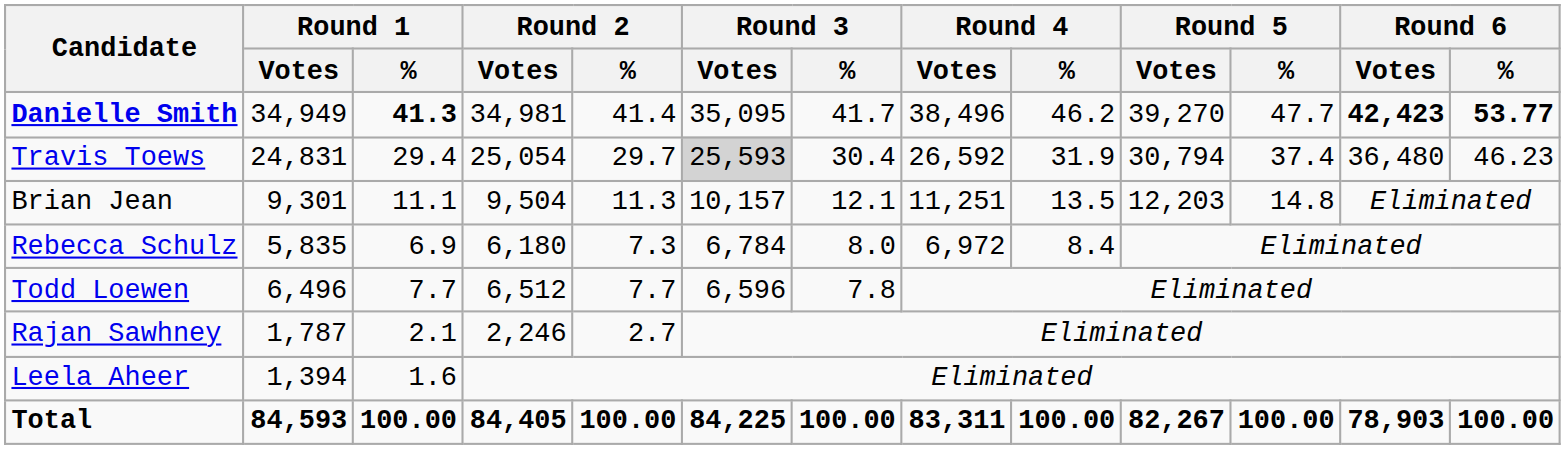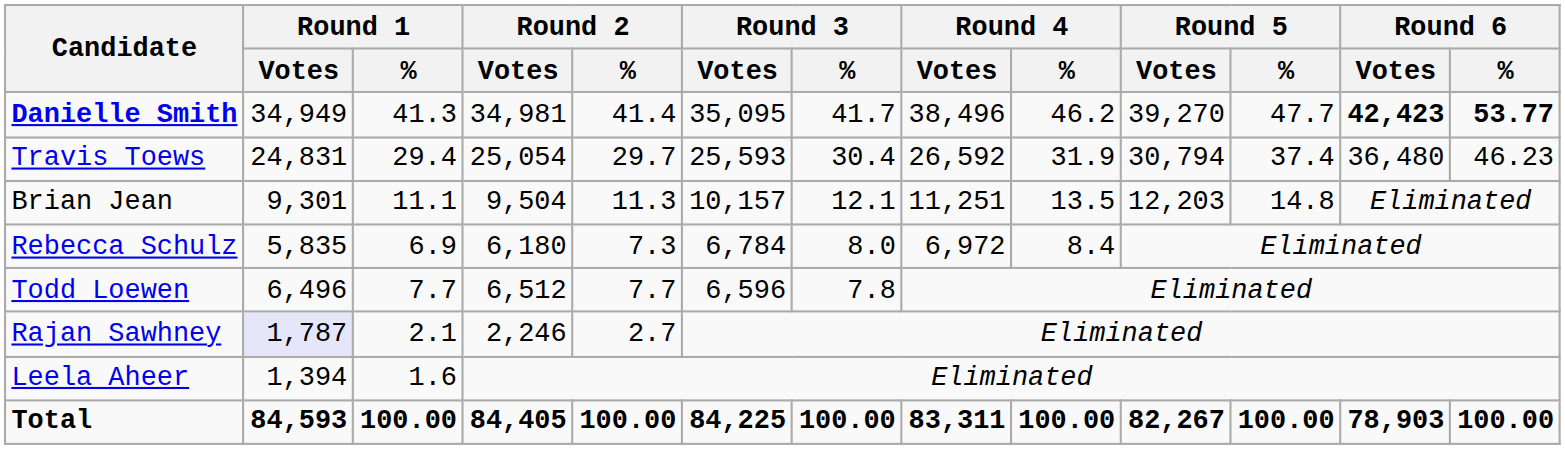 <table class="wikitable">
 <tr>
 <th rowspan=2>Candidate</th>
 <th colspan=2>Round 1</th>
 <th colspan=2>Round 2</th>
 <th colspan=2>Round 3</th>
 <th colspan=2>Round 4</th>
 <th colspan=2>Round 5</th>
 <th colspan=2>Round 6</th>
 </tr>
 <tr>
 <th>Votes</th>
 <th>%</th>
 <th>Votes</th>
 <th>%</th>
 <th>Votes</th>
 <th>%</th>
 <th>Votes</th>
 <th>%</th>
 <th>Votes</th>
 <th>%</th>
 <th>Votes</th>
 <th>%</th>
 </tr>
 <tr>
 <td><strong><a href='#'>Danielle Smith</a></strong></td>
 <td style="text-align:right">34,949</td>
-<td style="text-align:right"><strong>41.3</strong></td>
+<td style="text-align:right">41.3</td>
 <td style="text-align:right">34,981</td>
 <td style="text-align:right">41.4</td>
 <td style="text-align:right">35,095</td>
 <td style="text-align:right">41.7</td>
 <td style="text-align:right">38,496</td>
 <td style="text-align:right">46.2</td>
 <td style="text-align:right">39,270</td>
 <td style="text-align:right">47.7</td>
 <td style="text-align:right"><strong>42,423</strong></td>
 <td style="text-align:right"><strong>53.77</strong></td>
 </tr>
 <tr>
 <td><a href='#'>Travis Toews</a></td>
 <td style="text-align:right">24,831</td>
 <td style="text-align:right">29.4</td>
 <td style="text-align:right">25,054</td>
 <td style="text-align:right">29.7</td>
-<td style="background: lightgrey; text-align:right">25,593</td>
+<td style="text-align:right">25,593</td>
 <td style="text-align:right">30.4</td>
 <td style="text-align:right">26,592</td>
 <td style="text-align:right">31.9</td>
 <td style="text-align:right">30,794</td>
 <td style="text-align:right">37.4</td>
 <td style="text-align:right">36,480</td>
 <td style="text-align:right">46.23</td>
 </tr>
 <tr>
 <td>Brian Jean</td>
 <td style="text-align:right">9,301</td>
 <td style="text-align:right">11.1</td>
 <td style="text-align:right">9,504</td>
 <td style="text-align:right">11.3</td>
 <td style="text-align:right">10,157</td>
 <td style="text-align:right">12.1</td>
 <td style="text-align:right">11,251</td>
 <td style="text-align:right">13.5</td>
 <td style="text-align:right">12,203</td>
 <td style="text-align:right">14.8</td>
 <td colspan="2" style="text-align:center"><em>Eliminated</em></td>
 </tr>
 <tr>
 <td><a href='#'>Rebecca Schulz</a></td>
 <td style="text-align:right">5,835</td>
 <td style="text-align:right">6.9</td>
 <td style="text-align:right">6,180</td>
 <td style="text-align:right">7.3</td>
 <td style="text-align:right">6,784</td>
 <td style="text-align:right">8.0</td>
 <td style="text-align:right">6,972</td>
 <td style="text-align:right">8.4</td>
 <td colspan="4" style="text-align:center"><em>Eliminated</em></td>
 </tr>
 <tr>
 <td><a href='#'>Todd Loewen</a></td>
 <td style="text-align:right">6,496</td>
 <td style="text-align:right">7.7</td>
 <td style="text-align:right">6,512</td>
 <td style="text-align:right">7.7</td>
 <td style="text-align:right">6,596</td>
 <td style="text-align:right">7.8</td>
 <td colspan="6" style="text-align:center"><em>Eliminated</em></td>
 </tr>
 <tr>
 <td><a href='#'>Rajan Sawhney</a></td>
-<td style="text-align:right">1,787</td>
+<td style="background: lavender; text-align:right">1,787</td>
 <td style="text-align:right">2.1</td>
 <td style="text-align:right">2,246</td>
 <td style="text-align:right">2.7</td>
 <td colspan="8" style="text-align:center"><em>Eliminated</em></td>
 </tr>
 <tr>
 <td><a href='#'>Leela Aheer</a></td>
 <td style="text-align:right">1,394</td>
 <td style="text-align:right">1.6</td>
 <td colspan="10" style="text-align:center"><em>Eliminated</em></td>
 </tr>
 <tr>
 <td><strong>Total</strong></td>
 <td style="text-align:right"><strong>84,593</strong></td>
 <td style="text-align:right"><strong>100.00</strong></td>
 <td style="text-align:right"><strong>84,405</strong></td>
 <td style="text-align:right"><strong>100.00</strong></td>
 <td style="text-align:right"><strong>84,225</strong></td>
 <td style="text-align:right"><strong>100.00</strong></td>
 <td style="text-align:right"><strong>83,311</strong></td>
 <td style="text-align:right"><strong>100.00</strong></td>
 <td style="text-align:right"><strong>82,267</strong></td>
 <td style="text-align:right"><strong>100.00</strong></td>
 <td style="text-align:right"><strong>78,903</strong></td>
 <td style="text-align:right"><strong>100.00</strong></td>
 </tr>
 </table>
